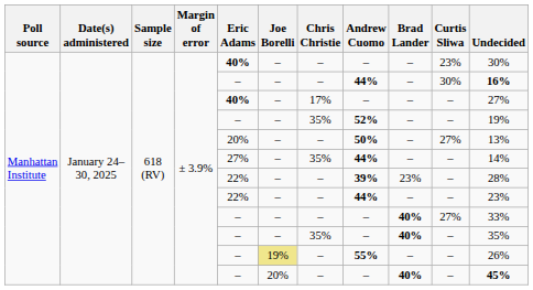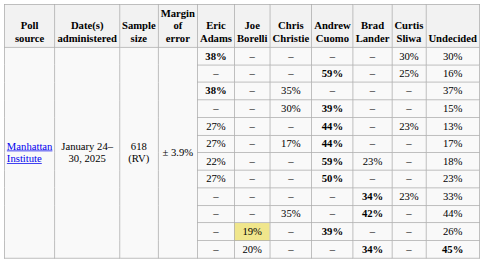 <table class="wikitable" style="font-size:90%;text-align:center;">
 <tr valign=bottom>
 <th>Poll source</th>
 <th>Date(s)<br>administered</th>
 <th>Sample<br>size</th>
 <th>Margin<br>of error</th>
 <th style="width:50px;">Eric<br>Adams</th>
 <th style="width:50px;">Joe<br>Borelli</th>
 <th style="width:50px;">Chris<br>Christie </th>
 <th style="width:50px;">Andrew<br>Cuomo</th>
 <th style="width:50px;">Brad<br>Lander</th>
 <th style="width:50px;">Curtis<br>Sliwa</th>
 <th>Undecided</th>
 </tr>
 <tr>
 <td style="text-align:left;" rowspan="12"><a href='#'>Manhattan Institute</a> </td>
 <td rowspan="12">January 24–30, 2025</td>
 <td rowspan="12">618 (RV)</td>
 <td rowspan="12">± 3.9%</td>
-<td><strong>40%</strong></td>
+<td><strong>38%</strong></td>
 <td>–</td>
 <td>–</td>
 <td>–</td>
 <td>–</td>
-<td>23%</td>
+<td>30%</td>
 <td>30%</td>
 </tr>
 <tr>
 <td>–</td>
 <td>–</td>
 <td>–</td>
-<td><strong>44%</strong></td>
+<td><strong>59%</strong></td>
 <td>–</td>
-<td>30%</td>
-<td><strong>16%</strong></td>
+<td>25%</td>
+<td>16%</td>
 </tr>
 <tr>
-<td><strong>40%</strong></td>
+<td><strong>38%</strong></td>
 <td>–</td>
-<td>17%</td>
+<td>35%</td>
 <td>–</td>
 <td>–</td>
 <td>–</td>
-<td>27%</td>
+<td>37%</td>
 </tr>
 <tr>
 <td>–</td>
 <td>–</td>
-<td>35%</td>
-<td><strong>52%</strong></td>
+<td>30%</td>
+<td><strong>39%</strong></td>
 <td>–</td>
 <td>–</td>
-<td>19%</td>
+<td>15%</td>
 </tr>
 <tr>
-<td>20%</td>
+<td>27%</td>
 <td>–</td>
 <td>–</td>
-<td><strong>50%</strong></td>
+<td><strong>44%</strong></td>
 <td>–</td>
-<td>27%</td>
+<td>23%</td>
 <td>13%</td>
 </tr>
 <tr>
 <td>27%</td>
 <td>–</td>
-<td>35%</td>
+<td>17%</td>
 <td><strong>44%</strong></td>
 <td>–</td>
 <td>–</td>
-<td>14%</td>
+<td>17%</td>
 </tr>
 <tr>
 <td>22%</td>
 <td>–</td>
 <td>–</td>
-<td><strong>39%</strong></td>
+<td><strong>59%</strong></td>
 <td>23%</td>
 <td>–</td>
-<td>28%</td>
+<td>18%</td>
 </tr>
 <tr>
-<td>22%</td>
+<td>27%</td>
 <td>–</td>
 <td>–</td>
-<td><strong>44%</strong></td>
+<td><strong>50%</strong></td>
 <td>–</td>
 <td>–</td>
 <td>23%</td>
 </tr>
 <tr>
 <td>–</td>
 <td>–</td>
 <td>–</td>
 <td>–</td>
-<td><strong>40%</strong></td>
-<td>27%</td>
+<td><strong>34%</strong></td>
+<td>23%</td>
 <td>33%</td>
 </tr>
 <tr>
 <td>–</td>
 <td>–</td>
 <td>35%</td>
 <td>–</td>
-<td><strong>40%</strong></td>
+<td><strong>42%</strong></td>
 <td>–</td>
-<td>35%</td>
+<td>44%</td>
 </tr>
 <tr>
 <td>–</td>
 <td style="background: khaki;">19%</td>
 <td>–</td>
-<td><strong>55%</strong></td>
+<td><strong>39%</strong></td>
 <td>–</td>
 <td>–</td>
 <td>26%</td>
 </tr>
 <tr>
 <td>–</td>
 <td>20%</td>
 <td>–</td>
 <td>–</td>
-<td><strong>40%</strong></td>
+<td><strong>34%</strong></td>
 <td>–</td>
 <td><strong>45%</strong></td>
 </tr>
 </table>
